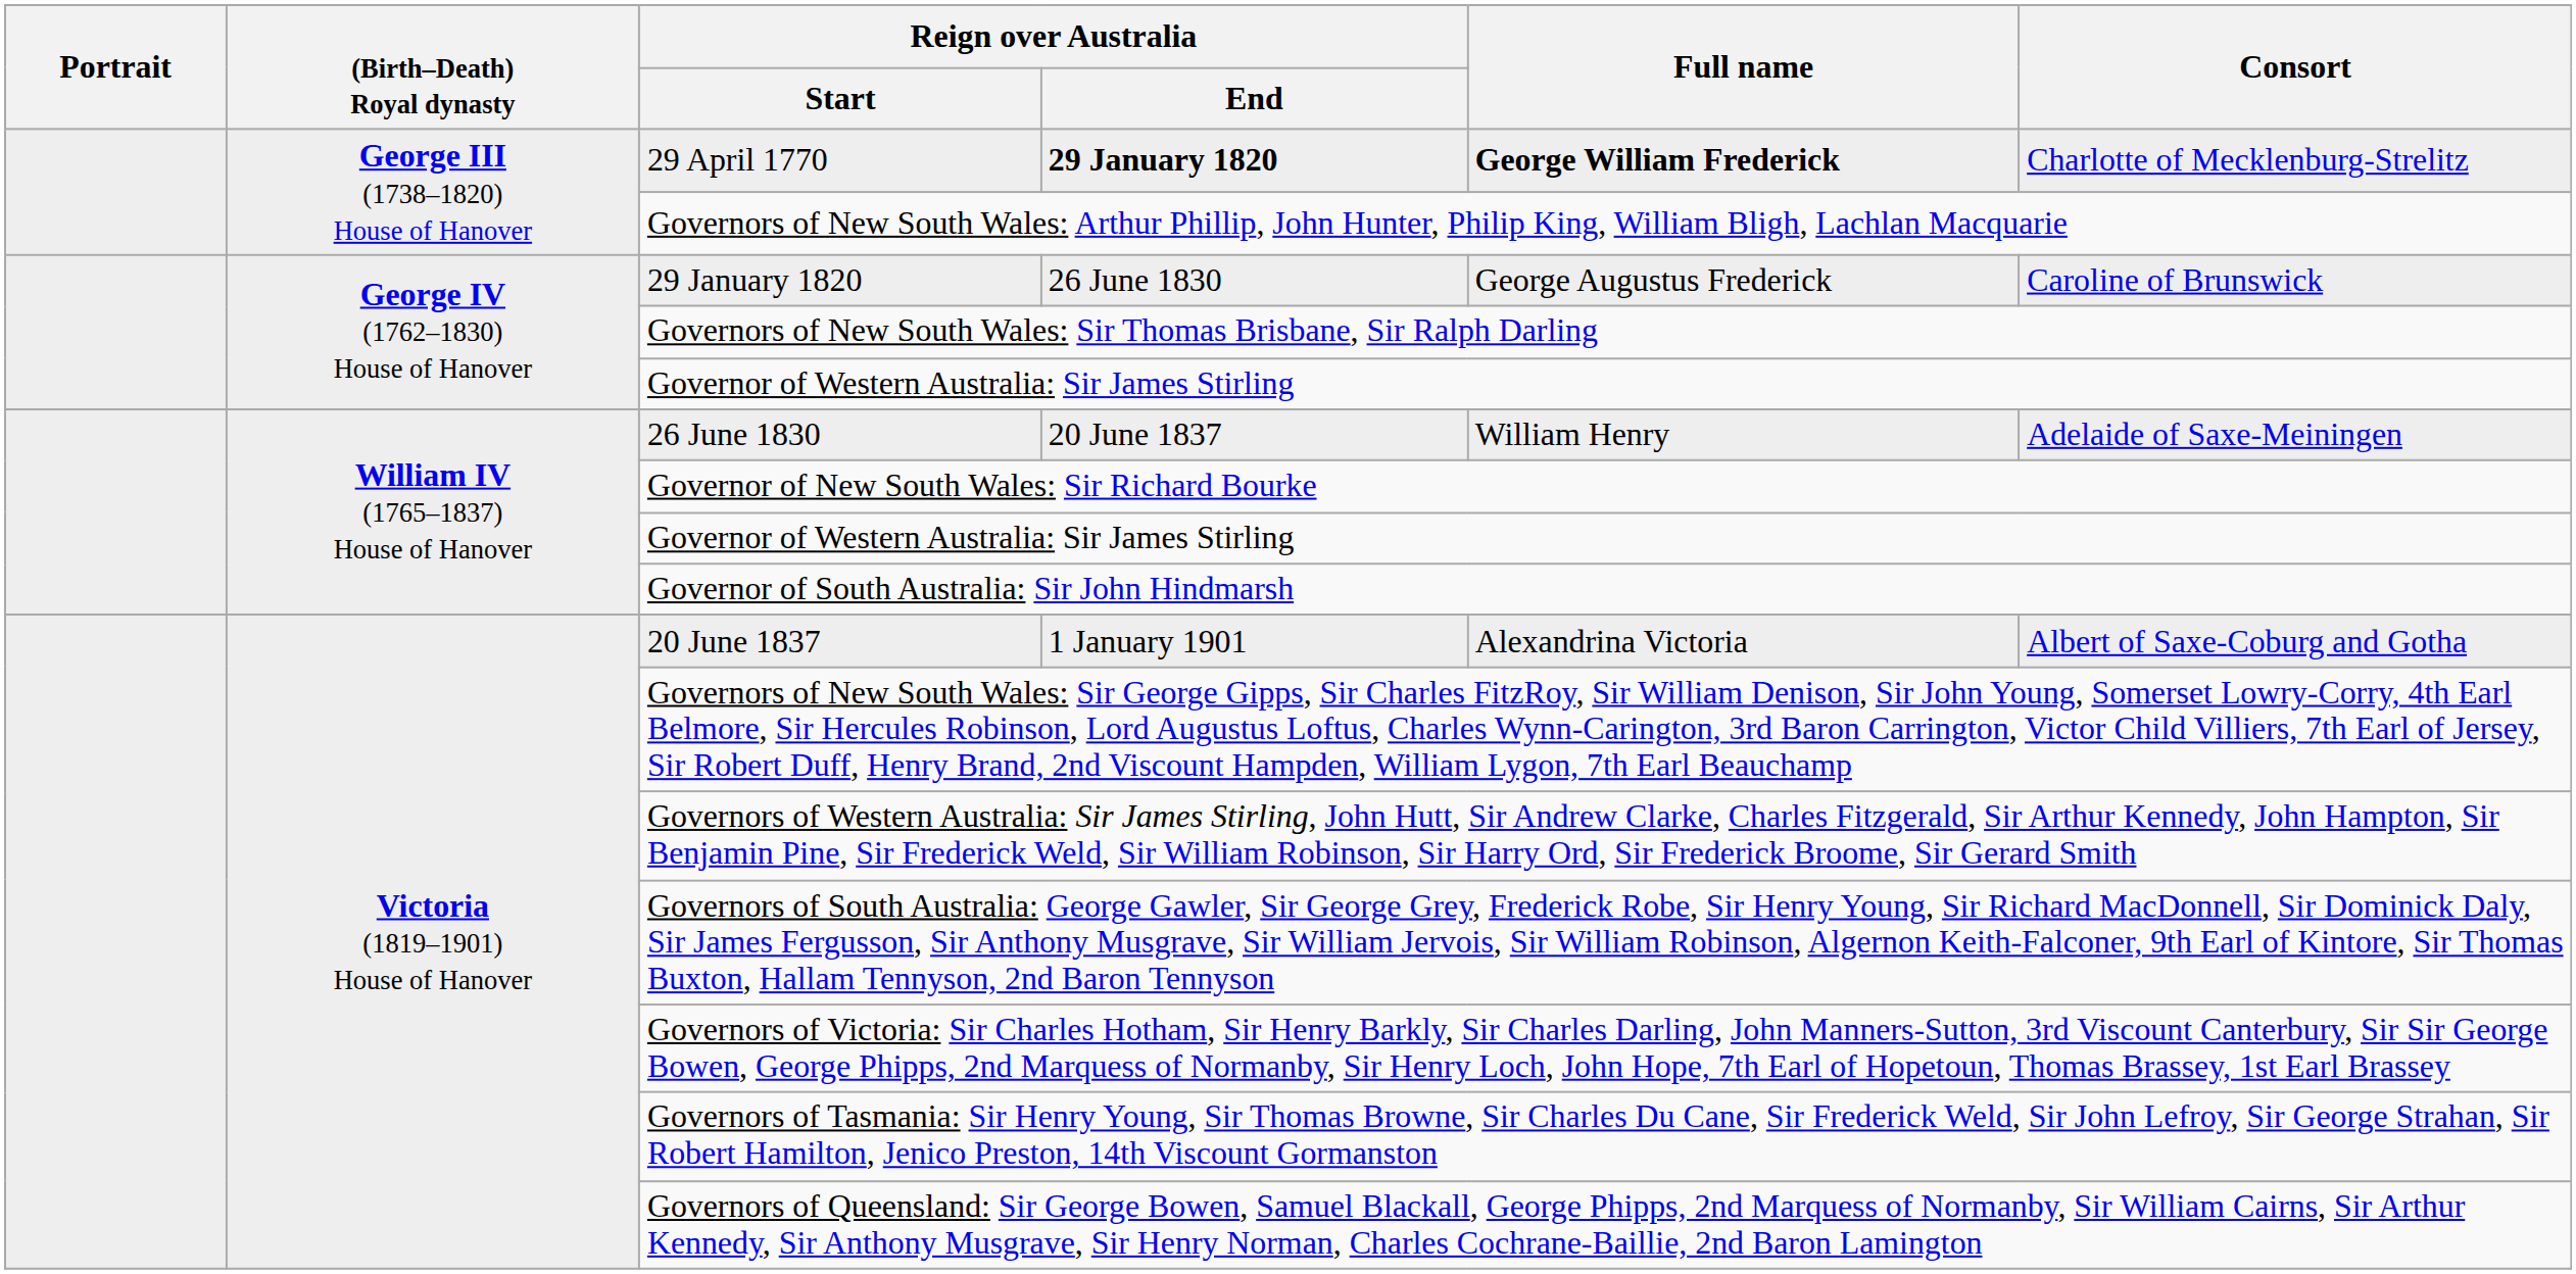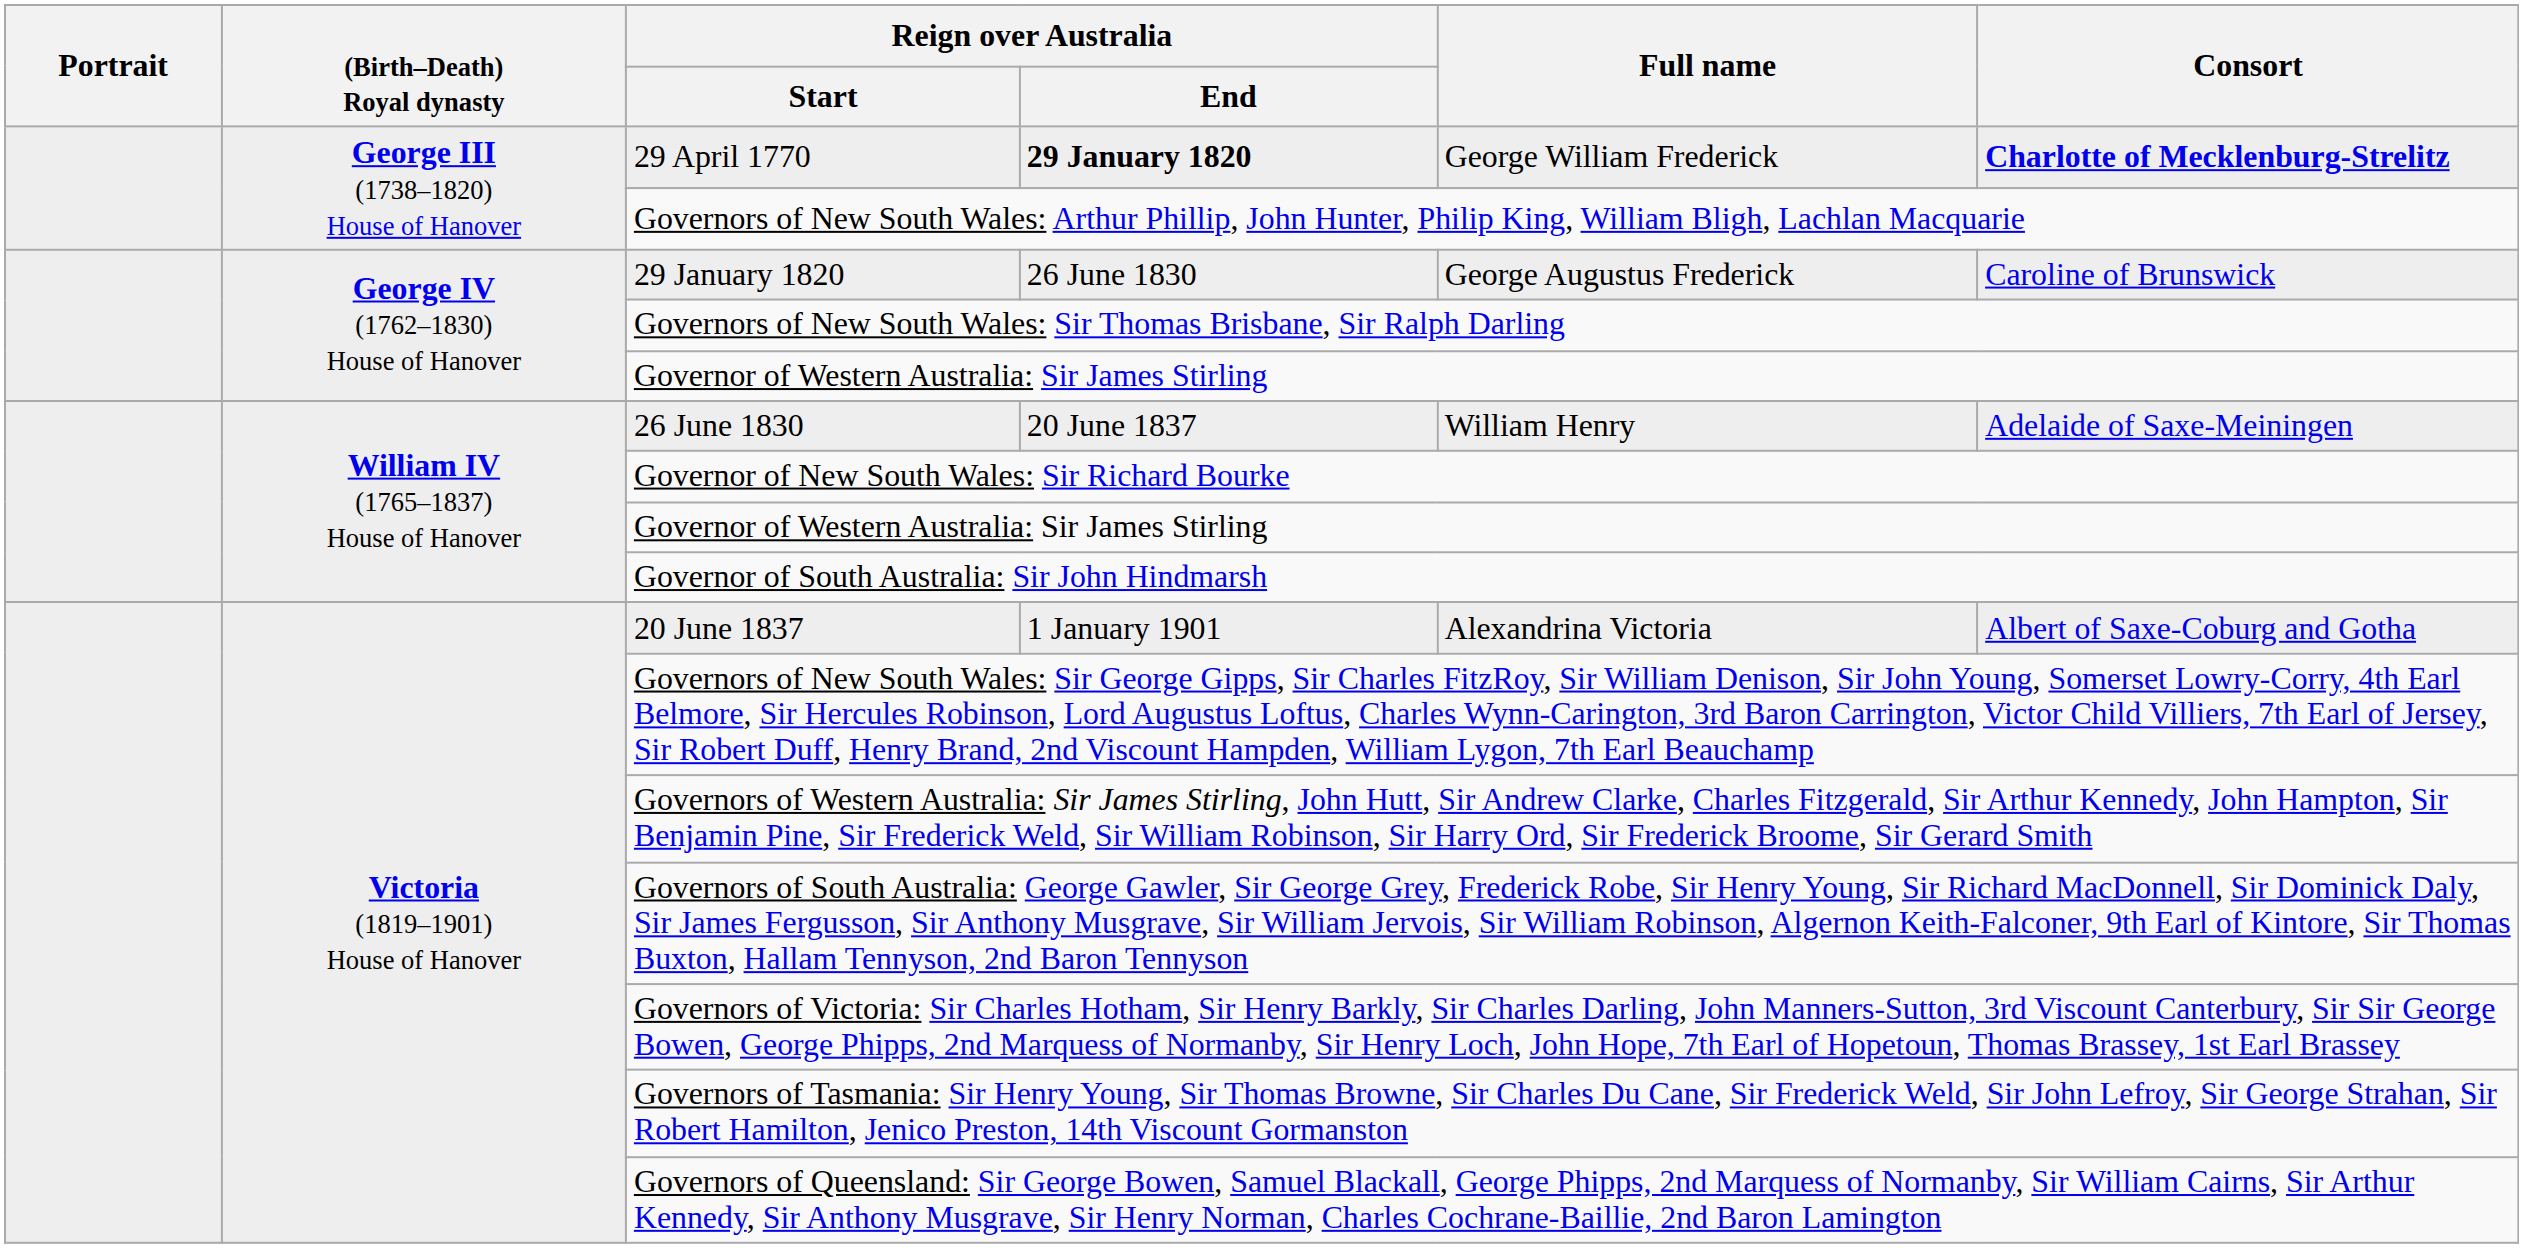 <table class="wikitable" style="width:100%;">
 <tr>
 <th rowspan="2" style="width:8%;">Portrait</th>
 <th rowspan="2" style="width:15%;"><br> <small>(Birth–Death)<br> Royal dynasty</small></th>
 <th style="width:30%;" colspan=2>Reign over Australia</th>
 <th rowspan="2" style="width:20%;">Full name</th>
 <th rowspan="2" style="width:20%;">Consort</th>
 </tr>
 <tr>
 <th>Start</th>
 <th>End</th>
 </tr>
 <tr style="background:#eee;">
 <td rowspan="2" align="center"></td>
 <td rowspan="2" align="center"><strong><a href='#'>George III</a></strong><br><small>(1738–1820)<br><a href='#'>House of Hanover</a></small></td>
 <td>29 April 1770</td>
 <td><strong>29 January 1820</strong></td>
-<td><strong>George William Frederick</strong></td>
-<td><a href='#'>Charlotte of Mecklenburg-Strelitz</a></td>
+<td>George William Frederick</td>
+<td><strong><a href='#'>Charlotte of Mecklenburg-Strelitz</a></strong></td>
 </tr>
 <tr>
 <td colspan="4"><u>Governors of New South Wales:</u> <a href='#'>Arthur Phillip</a>, <a href='#'>John Hunter</a>, <a href='#'>Philip King</a>, <a href='#'>William Bligh</a>, <a href='#'>Lachlan Macquarie</a></td>
 </tr>
 <tr style="background:#eee;">
 <td rowspan="3" align="center"></td>
 <td rowspan="3" align="center"><strong><a href='#'>George IV</a></strong><br><small>(1762–1830)<br>House of Hanover</small></td>
 <td>29 January 1820</td>
 <td>26 June 1830</td>
 <td>George Augustus Frederick</td>
 <td><a href='#'>Caroline of Brunswick</a></td>
 </tr>
 <tr>
 <td colspan="4"><u>Governors of New South Wales:</u> <a href='#'>Sir Thomas Brisbane</a>, <a href='#'>Sir Ralph Darling</a></td>
 </tr>
 <tr>
 <td colspan="4"><u>Governor of Western Australia:</u> <a href='#'>Sir James Stirling</a></td>
 </tr>
 <tr style="background:#eee;">
 <td rowspan="4" align="center"></td>
 <td rowspan="4" align="center"><strong><a href='#'>William IV</a></strong><br><small>(1765–1837)<br>House of Hanover</small></td>
 <td>26 June 1830</td>
 <td>20 June 1837</td>
 <td>William Henry</td>
 <td><a href='#'>Adelaide of Saxe-Meiningen</a></td>
 </tr>
 <tr>
 <td colspan="4"><u>Governor of New South Wales:</u> <a href='#'>Sir Richard Bourke</a></td>
 </tr>
 <tr>
 <td colspan="4"><u>Governor of Western Australia:</u> Sir James Stirling</td>
 </tr>
 <tr>
 <td colspan="4"><u>Governor of South Australia:</u> <a href='#'>Sir John Hindmarsh</a></td>
 </tr>
 <tr style="background:#eee;">
 <td rowspan="7" align="center"></td>
 <td rowspan="7" align="center"><strong><a href='#'>Victoria</a></strong><br><small>(1819–1901)<br>House of Hanover</small></td>
 <td>20 June 1837</td>
 <td>1 January 1901</td>
 <td>Alexandrina Victoria</td>
 <td><a href='#'>Albert of Saxe-Coburg and Gotha</a></td>
 </tr>
 <tr>
 <td colspan=4><u>Governors of New South Wales:</u> <a href='#'>Sir George Gipps</a>, <a href='#'>Sir Charles FitzRoy</a>, <a href='#'>Sir William Denison</a>, <a href='#'>Sir John Young</a>, <a href='#'>Somerset Lowry-Corry, 4th Earl Belmore</a>, <a href='#'>Sir Hercules Robinson</a>, <a href='#'>Lord Augustus Loftus</a>, <a href='#'>Charles Wynn-Carington, 3rd Baron Carrington</a>, <a href='#'>Victor Child Villiers, 7th Earl of Jersey</a>, <a href='#'>Sir Robert Duff</a>, <a href='#'>Henry Brand, 2nd Viscount Hampden</a>, <a href='#'>William Lygon, 7th Earl Beauchamp</a></td>
 </tr>
 <tr>
 <td colspan="4"><u>Governors of Western Australia:</u> <em>Sir James Stirling</em>, <a href='#'>John Hutt</a>, <a href='#'>Sir Andrew Clarke</a>, <a href='#'>Charles Fitzgerald</a>, <a href='#'>Sir Arthur Kennedy</a>, <a href='#'>John Hampton</a>, <a href='#'>Sir Benjamin Pine</a>, <a href='#'>Sir Frederick Weld</a>, <a href='#'>Sir William Robinson</a>, <a href='#'>Sir Harry Ord</a>, <a href='#'>Sir Frederick Broome</a>, <a href='#'>Sir Gerard Smith</a></td>
 </tr>
 <tr>
 <td colspan="4"><u>Governors of South Australia:</u> <a href='#'>George Gawler</a>, <a href='#'>Sir George Grey</a>, <a href='#'>Frederick Robe</a>, <a href='#'>Sir Henry Young</a>, <a href='#'>Sir Richard MacDonnell</a>, <a href='#'>Sir Dominick Daly</a>, <a href='#'>Sir James Fergusson</a>, <a href='#'>Sir Anthony Musgrave</a>, <a href='#'>Sir William Jervois</a>, <a href='#'>Sir William Robinson</a>, <a href='#'>Algernon Keith-Falconer, 9th Earl of Kintore</a>, <a href='#'>Sir Thomas Buxton</a>, <a href='#'>Hallam Tennyson, 2nd Baron Tennyson</a></td>
 </tr>
 <tr>
 <td colspan="4"><u>Governors of Victoria:</u> <a href='#'>Sir Charles Hotham</a>, <a href='#'>Sir Henry Barkly</a>, <a href='#'>Sir Charles Darling</a>, <a href='#'>John Manners-Sutton, 3rd Viscount Canterbury</a>, <a href='#'>Sir Sir George Bowen</a>, <a href='#'>George Phipps, 2nd Marquess of Normanby</a>, <a href='#'>Sir Henry Loch</a>, <a href='#'>John Hope, 7th Earl of Hopetoun</a>, <a href='#'>Thomas Brassey, 1st Earl Brassey</a></td>
 </tr>
 <tr>
 <td colspan="4"><u>Governors of Tasmania:</u> <a href='#'>Sir Henry Young</a>, <a href='#'>Sir Thomas Browne</a>, <a href='#'>Sir Charles Du Cane</a>, <a href='#'>Sir Frederick Weld</a>, <a href='#'>Sir John Lefroy</a>, <a href='#'>Sir George Strahan</a>, <a href='#'>Sir Robert Hamilton</a>, <a href='#'>Jenico Preston, 14th Viscount Gormanston</a></td>
 </tr>
 <tr>
 <td colspan="4"><u>Governors of Queensland:</u> <a href='#'>Sir George Bowen</a>, <a href='#'>Samuel Blackall</a>, <a href='#'>George Phipps, 2nd Marquess of Normanby</a>, <a href='#'>Sir William Cairns</a>, <a href='#'>Sir Arthur Kennedy</a>, <a href='#'>Sir Anthony Musgrave</a>, <a href='#'>Sir Henry Norman</a>, <a href='#'>Charles Cochrane-Baillie, 2nd Baron Lamington</a></td>
 </tr>
 </table>
